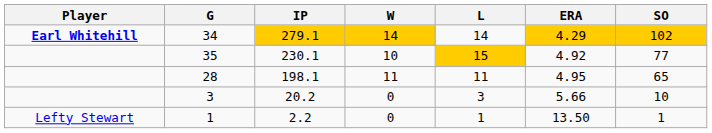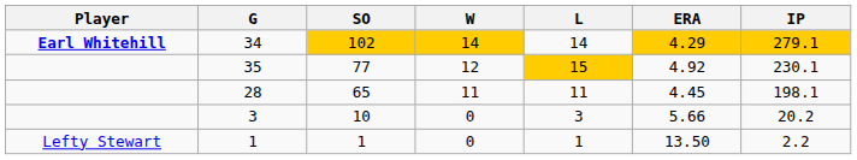 <table class="wikitable sortable">
 <tr>
 <th bgcolor="#DDDDFF" width="16%">Player</th>
 <th bgcolor="#DDDDFF" width="9%">G</th>
-<th bgcolor="#DDDDFF" width="9%">IP</th>
+<th bgcolor="#DDDDFF" width="9%">SO</th>
 <th bgcolor="#DDDDFF" width="9%">W</th>
 <th bgcolor="#DDDDFF" width="9%">L</th>
 <th bgcolor="#DDDDFF" width="9%">ERA</th>
-<th bgcolor="#DDDDFF" width="9%">SO</th>
+<th bgcolor="#DDDDFF" width="9%">IP</th>
 </tr>
 <tr align="center">
 <td><strong><a href='#'>Earl Whitehill</a></strong></td>
 <td>34</td>
-<td style="background:#fc0;">279.1</td>
+<td style="background:#fc0;">102</td>
 <td style="background:#fc0;">14</td>
 <td>14</td>
 <td style="background:#fc0;">4.29</td>
-<td style="background:#fc0;">102</td>
+<td style="background:#fc0;">279.1</td>
 </tr>
 <tr align=center>
 <td></td>
 <td>35</td>
-<td>230.1</td>
-<td>10</td>
+<td>77</td>
+<td>12</td>
 <td style="background:#fc0;">15</td>
 <td>4.92</td>
-<td>77</td>
+<td>230.1</td>
 </tr>
 <tr align="center">
 <td></td>
 <td>28</td>
-<td>198.1</td>
+<td>65</td>
 <td>11</td>
 <td>11</td>
-<td>4.95</td>
-<td>65</td>
+<td>4.45</td>
+<td>198.1</td>
 </tr>
 <tr align="center">
 <td></td>
 <td>3</td>
-<td>20.2</td>
+<td>10</td>
 <td>0</td>
 <td>3</td>
 <td>5.66</td>
-<td>10</td>
+<td>20.2</td>
 </tr>
 <tr align=center>
 <td><a href='#'>Lefty Stewart</a></td>
 <td>1</td>
-<td>2.2</td>
+<td>1</td>
 <td>0</td>
 <td>1</td>
 <td>13.50</td>
-<td>1</td>
+<td>2.2</td>
 </tr>
 </table>
